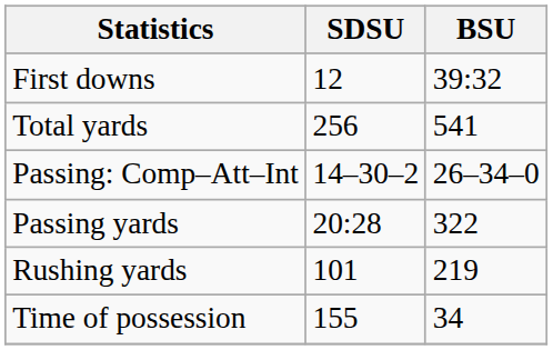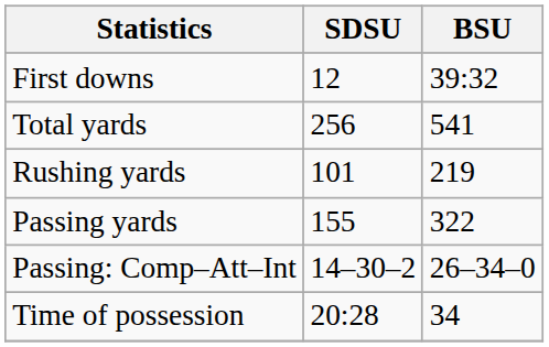 <table class="wikitable" style="float: left;">
 <tr>
 <th>Statistics</th>
 <th>SDSU</th>
 <th>BSU</th>
 </tr>
 <tr>
 <td>First downs</td>
 <td>12</td>
 <td>39:32</td>
 </tr>
 <tr>
 <td>Total yards</td>
 <td>256</td>
 <td>541</td>
 </tr>
 <tr>
+<td>Rushing yards</td>
+<td>101</td>
+<td>219</td>
+</tr>
+<tr>
+<td>Passing yards</td>
+<td>155</td>
+<td>322</td>
+</tr>
+<tr>
 <td>Passing: Comp–Att–Int</td>
 <td>14–30–2</td>
 <td>26–34–0</td>
 </tr>
 <tr>
-<td>Passing yards</td>
+<td>Time of possession</td>
 <td>20:28</td>
-<td>322</td>
-</tr>
-<tr>
-<td>Rushing yards</td>
-<td>101</td>
-<td>219</td>
-</tr>
-<tr>
-<td>Time of possession</td>
-<td>155</td>
 <td>34</td>
 </tr>
 <tr>
 </tr>
 </table>
